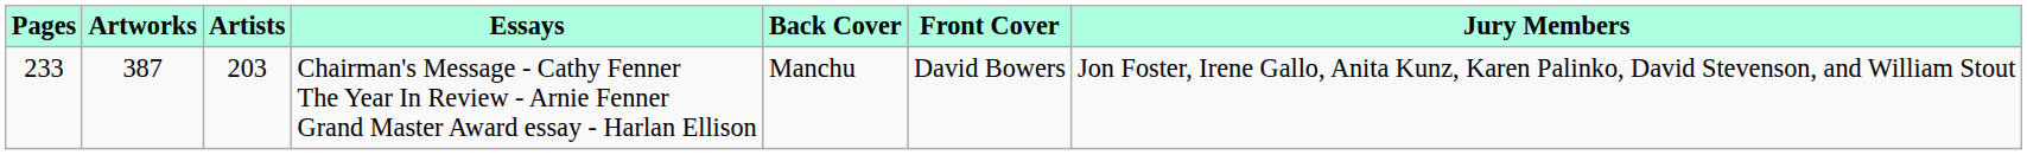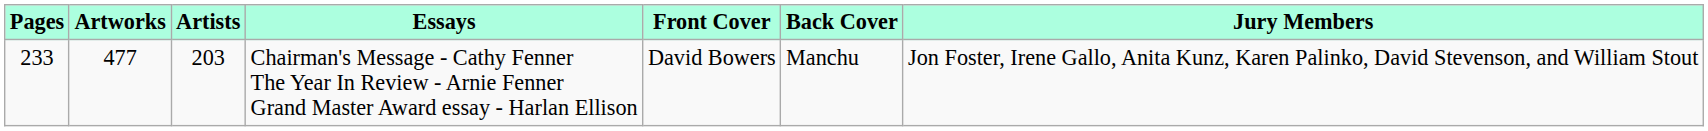 <table class="wikitable">
 <tr>
 <th style="background:#acffdf">Pages</th>
 <th style="background:#acffdf">Artworks</th>
 <th style="background:#acffdf">Artists</th>
 <th style="background:#acffdf">Essays</th>
+<th style="background:#acffdf">Front Cover</th>
 <th style="background:#acffdf">Back Cover</th>
-<th style="background:#acffdf">Front Cover</th>
 <th style="background:#acffdf">Jury Members</th>
 </tr>
 <tr valign="top">
 <td align="center">233</td>
-<td align="center">387</td>
+<td align="center">477</td>
 <td align="center">203</td>
 <td>Chairman's Message - Cathy Fenner<br>The Year In Review - Arnie Fenner<br>Grand Master Award essay - Harlan Ellison</td>
+<td>David Bowers</td>
 <td>Manchu</td>
-<td>David Bowers</td>
 <td>Jon Foster, Irene Gallo, Anita Kunz, Karen Palinko, David Stevenson, and William Stout</td>
 </tr>
 </table>
